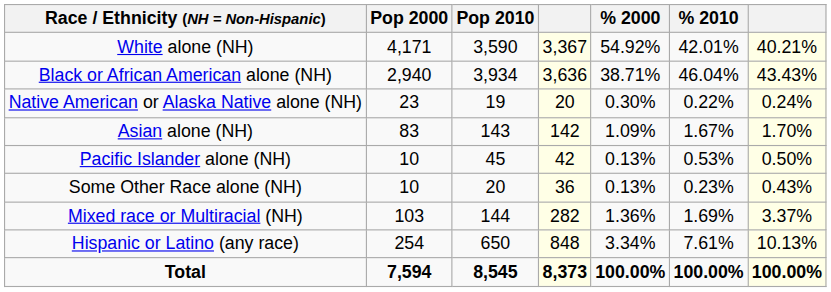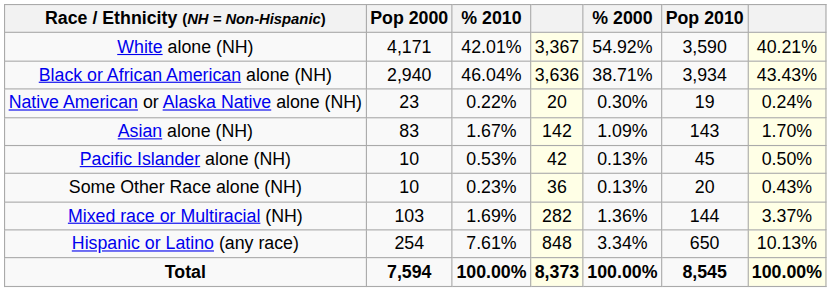 <table class="wikitable"style="text-align:center;">
 <tr>
 <th>Race / Ethnicity <small>(<em>NH = Non-Hispanic</em>)</small></th>
 <th>Pop 2000</th>
-<th>Pop 2010</th>
+<th>% 2010</th>
 <th></th>
 <th>% 2000</th>
-<th>% 2010</th>
+<th>Pop 2010</th>
 <th></th>
 </tr>
 <tr>
 <td><a href='#'>White</a> alone (NH)</td>
 <td>4,171</td>
-<td>3,590</td>
+<td>42.01%</td>
 <td style='background: #ffffe6;'>3,367</td>
 <td>54.92%</td>
-<td>42.01%</td>
+<td>3,590</td>
 <td style='background: #ffffe6;'>40.21%</td>
 </tr>
 <tr>
 <td><a href='#'>Black or African American</a> alone (NH)</td>
 <td>2,940</td>
-<td>3,934</td>
+<td>46.04%</td>
 <td style='background: #ffffe6;'>3,636</td>
 <td>38.71%</td>
-<td>46.04%</td>
+<td>3,934</td>
 <td style='background: #ffffe6;'>43.43%</td>
 </tr>
 <tr>
 <td><a href='#'>Native American</a> or <a href='#'>Alaska Native</a> alone (NH)</td>
 <td>23</td>
-<td>19</td>
+<td>0.22%</td>
 <td style='background: #ffffe6;'>20</td>
 <td>0.30%</td>
-<td>0.22%</td>
+<td>19</td>
 <td style='background: #ffffe6;'>0.24%</td>
 </tr>
 <tr>
 <td><a href='#'>Asian</a> alone (NH)</td>
 <td>83</td>
-<td>143</td>
+<td>1.67%</td>
 <td style='background: #ffffe6;'>142</td>
 <td>1.09%</td>
-<td>1.67%</td>
+<td>143</td>
 <td style='background: #ffffe6;'>1.70%</td>
 </tr>
 <tr>
 <td><a href='#'>Pacific Islander</a> alone (NH)</td>
 <td>10</td>
-<td>45</td>
+<td>0.53%</td>
 <td style='background: #ffffe6;'>42</td>
 <td>0.13%</td>
-<td>0.53%</td>
+<td>45</td>
 <td style='background: #ffffe6;'>0.50%</td>
 </tr>
 <tr>
 <td>Some Other Race alone (NH)</td>
 <td>10</td>
-<td>20</td>
+<td>0.23%</td>
 <td style='background: #ffffe6;'>36</td>
 <td>0.13%</td>
-<td>0.23%</td>
+<td>20</td>
 <td style='background: #ffffe6;'>0.43%</td>
 </tr>
 <tr>
 <td><a href='#'>Mixed race or Multiracial</a> (NH)</td>
 <td>103</td>
-<td>144</td>
+<td>1.69%</td>
 <td style='background: #ffffe6;'>282</td>
 <td>1.36%</td>
-<td>1.69%</td>
+<td>144</td>
 <td style='background: #ffffe6;'>3.37%</td>
 </tr>
 <tr>
 <td><a href='#'>Hispanic or Latino</a> (any race)</td>
 <td>254</td>
-<td>650</td>
+<td>7.61%</td>
 <td style='background: #ffffe6;'>848</td>
 <td>3.34%</td>
-<td>7.61%</td>
+<td>650</td>
 <td style='background: #ffffe6;'>10.13%</td>
 </tr>
 <tr>
 <td><strong>Total</strong></td>
 <td><strong>7,594</strong></td>
-<td><strong>8,545</strong></td>
+<td><strong>100.00%</strong></td>
 <td style='background: #ffffe6;'><strong>8,373</strong></td>
 <td><strong>100.00%</strong></td>
-<td><strong>100.00%</strong></td>
+<td><strong>8,545</strong></td>
 <td style='background: #ffffe6;'><strong>100.00%</strong></td>
 </tr>
 </table>
